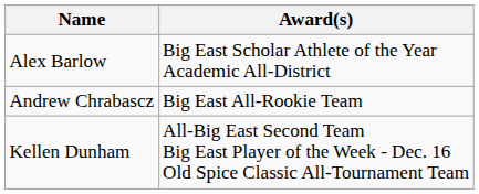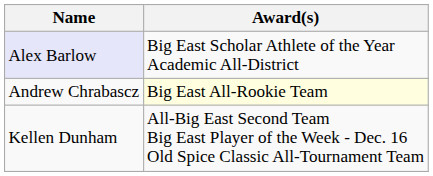 <table class="wikitable sortable" border="1">
 <tr>
 <th>Name</th>
 <th>Award(s)</th>
 </tr>
 <tr>
-<td>Alex Barlow</td>
+<td style="background: lavender;">Alex Barlow</td>
 <td>Big East Scholar Athlete of the Year<br>Academic All-District</td>
 </tr>
 <tr>
 <td>Andrew Chrabascz</td>
-<td>Big East All-Rookie Team</td>
+<td style="background: lightyellow;">Big East All-Rookie Team</td>
 </tr>
 <tr>
 <td>Kellen Dunham</td>
 <td>All-Big East Second Team<br>Big East Player of the Week - Dec. 16<br> Old Spice Classic All-Tournament Team</td>
 </tr>
 </table>
